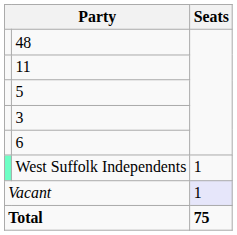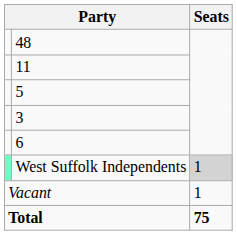 <table class="wikitable">
 <tr>
 <th colspan=2>Party</th>
 <th>Seats</th>
 </tr>
 <tr>
 <td></td>
 <td>48</td>
 </tr>
 <tr>
 <td></td>
 <td>11</td>
 </tr>
 <tr>
 <td></td>
 <td>5</td>
 </tr>
 <tr>
 <td></td>
 <td>3</td>
 </tr>
 <tr>
 <td></td>
 <td>6</td>
 </tr>
 <tr>
 <td style="background-color: #6EFFC5"></td>
 <td>West Suffolk Independents</td>
-<td>1</td>
+<td style="background: lightgrey;">1</td>
 </tr>
 <tr>
 <td colspan="2"><em>Vacant</em></td>
-<td style="background: lavender;">1</td>
+<td>1</td>
 </tr>
 <tr>
 <td colspan="2"><strong>Total</strong></td>
 <td><strong>75</strong></td>
 </tr>
 </table>
